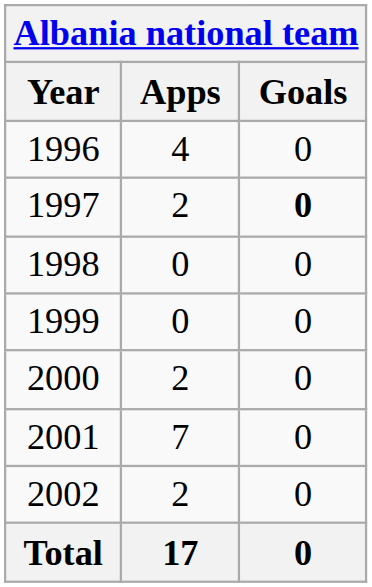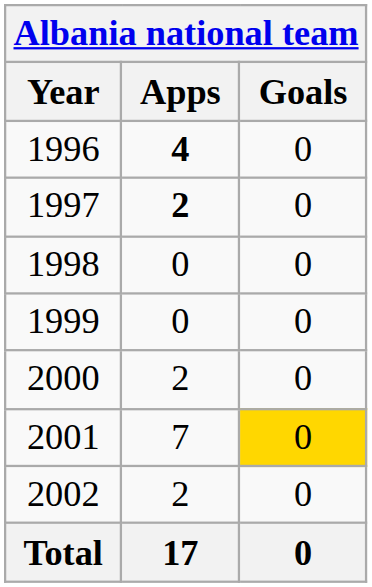 <table class="wikitable" style="text-align:center">
 <tr>
 <th colspan="3"><a href='#'>Albania national team</a></th>
 </tr>
 <tr>
 <th>Year</th>
 <th>Apps</th>
 <th>Goals</th>
 </tr>
 <tr>
 <td>1996</td>
-<td>4</td>
+<td><strong>4</strong></td>
 <td>0</td>
 </tr>
 <tr>
 <td>1997</td>
-<td>2</td>
-<td><strong>0</strong></td>
+<td><strong>2</strong></td>
+<td>0</td>
 </tr>
 <tr>
 <td>1998</td>
 <td>0</td>
 <td>0</td>
 </tr>
 <tr>
 <td>1999</td>
 <td>0</td>
 <td>0</td>
 </tr>
 <tr>
 <td>2000</td>
 <td>2</td>
 <td>0</td>
 </tr>
 <tr>
 <td>2001</td>
 <td>7</td>
-<td>0</td>
+<td style="background: gold;">0</td>
 </tr>
 <tr>
 <td>2002</td>
 <td>2</td>
 <td>0</td>
 </tr>
 <tr>
 <th>Total</th>
 <th>17</th>
 <th>0</th>
 </tr>
 </table>
